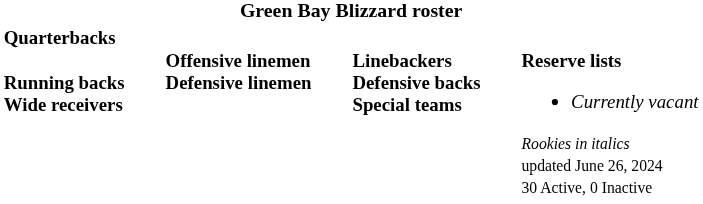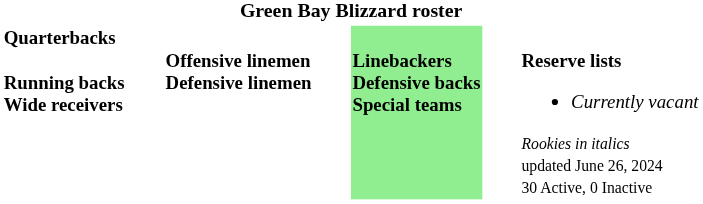 <table class="toccolours" style="text-align: left;">
 <tr>
 <th colspan="7" style="text-align:center; ">Green Bay Blizzard roster</th>
 </tr>
 <tr>
 <td style="font-size: 95%;vertical-align:top;"><strong>Quarterbacks</strong><br> <br><strong>Running backs</strong>  <br><strong>Wide receivers</strong>     </td>
 <td style="width: 25px;"></td>
 <td style="font-size: 95%;vertical-align:top;"><br><strong>Offensive linemen</strong>     <br><strong>Defensive linemen</strong>      </td>
 <td style="width: 25px;"></td>
-<td style="font-size: 95%;vertical-align:top;"><br><strong>Linebackers</strong> <br><strong>Defensive backs</strong>      <br><strong>Special teams</strong> </td>
+<td style="background: lightgreen; font-size: 95%;vertical-align:top;"><br><strong>Linebackers</strong> <br><strong>Defensive backs</strong>      <br><strong>Special teams</strong> </td>
 <td style="width: 25px;"></td>
 <td style="font-size: 95%;vertical-align:top;"><br><strong>Reserve lists</strong><ul><li><em>Currently vacant</em></li></ul><small><em>Rookies in italics</em></small><br> <small> updated June 26, 2024</small><br> <small>30 Active, 0 Inactive</small></td>
 </tr>
 </table>
